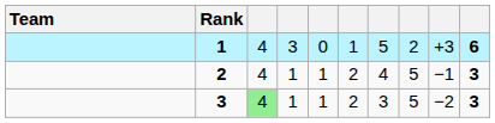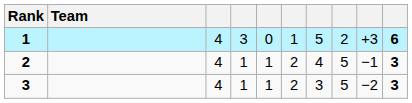 <table class="wikitable" style="text-align: center;">
 <tr>
+<th width=30>Rank</th>
 <th width=165 style="text-align:left;">Team</th>
-<th width=30>Rank</th>
 <th width=20></th>
 <th width=20></th>
 <th width=20></th>
 <th width=20></th>
 <th width=20></th>
 <th width=20></th>
 <th width=20></th>
 <th width=20></th>
 </tr>
 <tr style="background:#BBF3FF;">
+<td><strong>1</strong></td>
 <td style="text-align:left;"></td>
-<td><strong>1</strong></td>
 <td>4</td>
 <td>3</td>
 <td>0</td>
 <td>1</td>
 <td>5</td>
 <td>2</td>
 <td>+3</td>
 <td><strong>6</strong></td>
 </tr>
 <tr>
+<td><strong>2</strong></td>
 <td style="text-align:left;"></td>
-<td><strong>2</strong></td>
 <td>4</td>
 <td>1</td>
 <td>1</td>
 <td>2</td>
 <td>4</td>
 <td>5</td>
 <td>−1</td>
 <td><strong>3</strong></td>
 </tr>
 <tr>
+<td><strong>3</strong></td>
 <td style="text-align:left;"></td>
-<td><strong>3</strong></td>
-<td style="background: lightgreen;">4</td>
+<td>4</td>
 <td>1</td>
 <td>1</td>
 <td>2</td>
 <td>3</td>
 <td>5</td>
 <td>−2</td>
 <td><strong>3</strong></td>
 </tr>
 </table>
